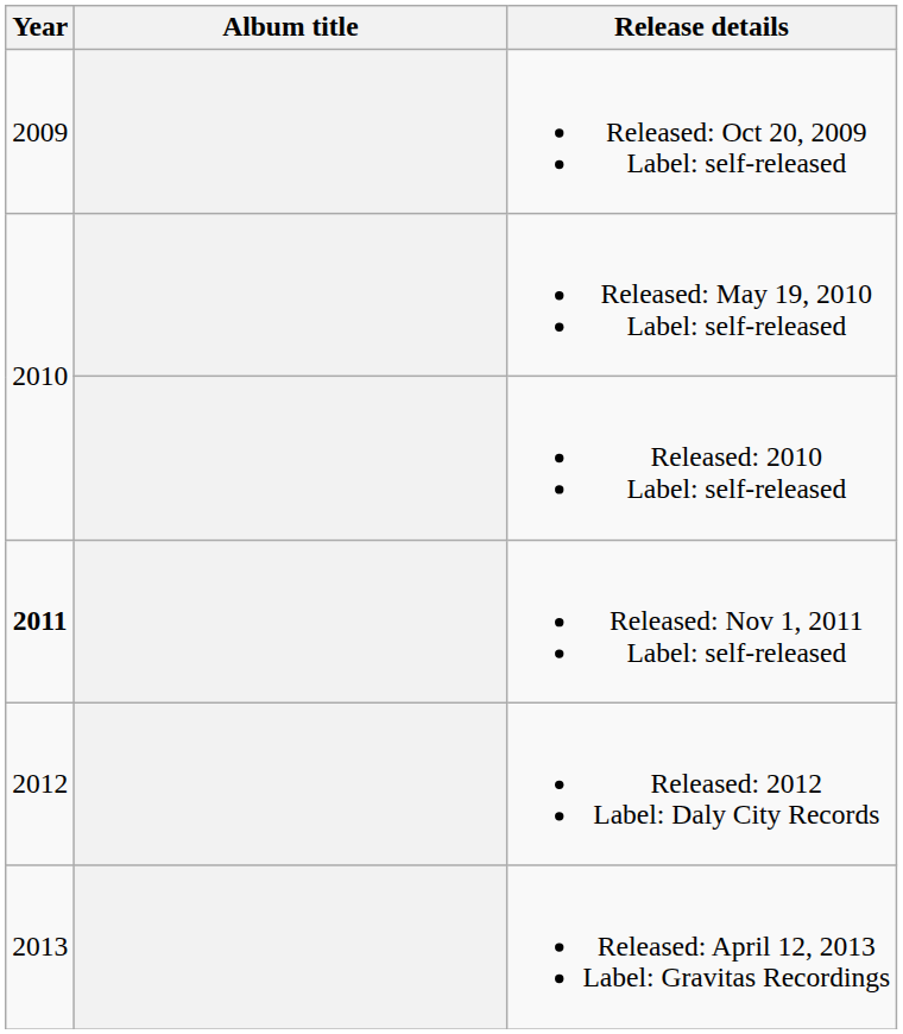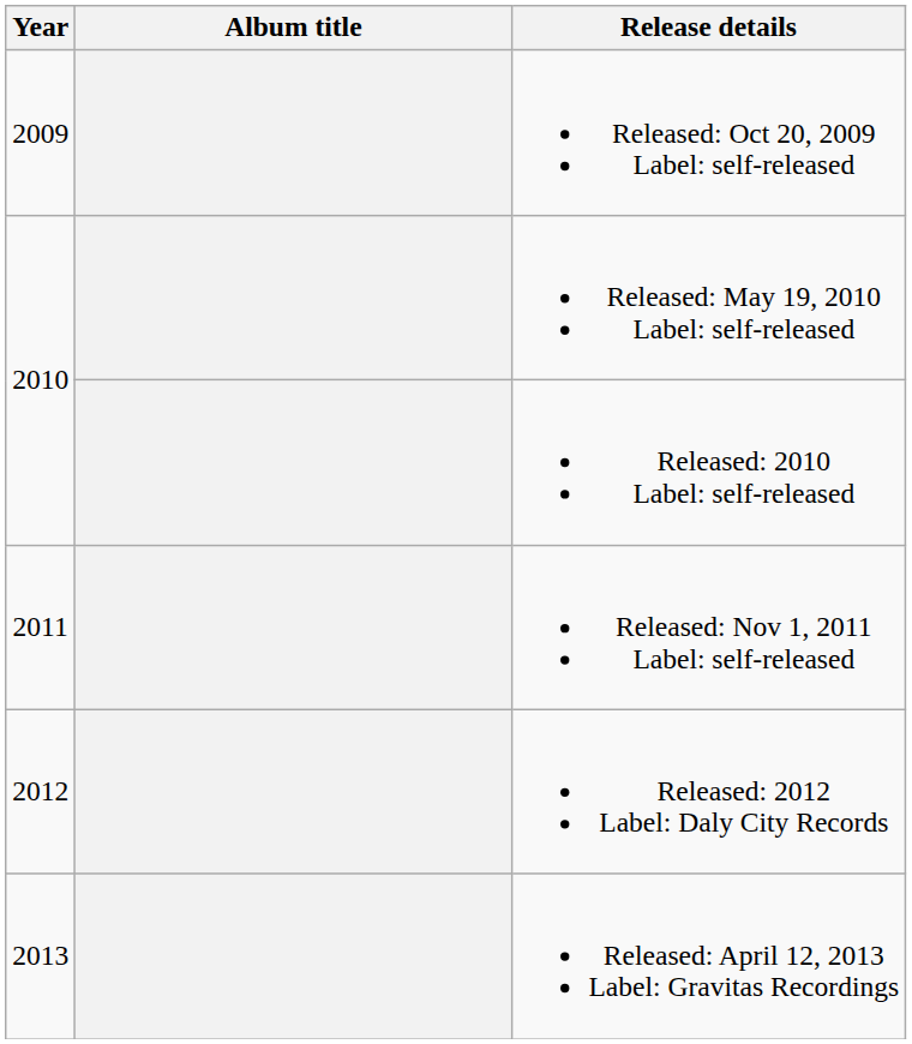 <table class="wikitable plainrowheaders" style="text-align:center;">
 <tr>
 <th>Year</th>
 <th scope="col" style="width:15em;">Album title</th>
 <th scope="col">Release details</th>
 </tr>
 <tr>
 <td>2009</td>
 <th></th>
 <td><br><ul><li>Released: Oct 20, 2009</li><li>Label: self-released</li></ul></td>
 </tr>
 <tr>
 <td rowspan="2">2010</td>
 <th></th>
 <td><br><ul><li>Released: May 19, 2010</li><li>Label: self-released</li></ul></td>
 </tr>
 <tr>
 <th></th>
 <td><br><ul><li>Released: 2010</li><li>Label: self-released</li></ul></td>
 </tr>
 <tr>
-<td><strong>2011</strong></td>
+<td>2011</td>
 <th></th>
 <td><br><ul><li>Released: Nov 1, 2011</li><li>Label: self-released</li></ul></td>
 </tr>
 <tr>
 <td>2012</td>
 <th></th>
 <td><br><ul><li>Released: 2012</li><li>Label: Daly City Records</li></ul></td>
 </tr>
 <tr>
 <td>2013</td>
 <th></th>
 <td><br><ul><li>Released: April 12, 2013</li><li>Label: Gravitas Recordings</li></ul></td>
 </tr>
 </table>
